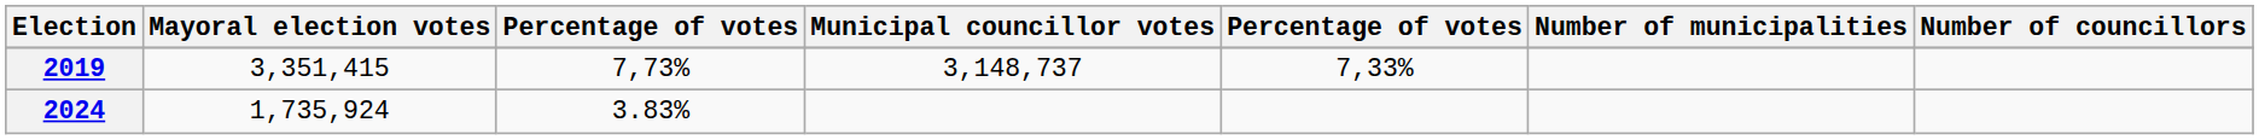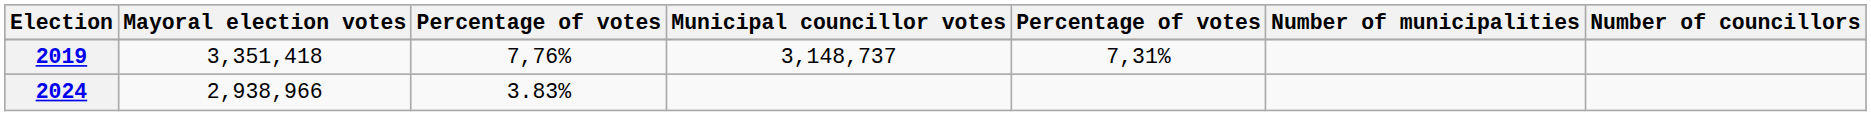 <table class="wikitable" style="text-align: center; border:none">
 <tr>
 <th>Election</th>
 <th>Mayoral election votes</th>
 <th>Percentage of votes</th>
 <th>Municipal councillor votes</th>
 <th>Percentage of votes</th>
 <th>Number of municipalities</th>
 <th>Number of councillors</th>
 </tr>
 <tr>
 </tr>
 <tr>
 <th><strong><a href='#'>2019</a></strong></th>
-<td>3,351,415</td>
-<td>7,73%</td>
+<td>3,351,418</td>
+<td>7,76%</td>
 <td>3,148,737</td>
-<td>7,33%</td>
+<td>7,31%</td>
 <td><strong></strong></td>
 <td><strong></strong></td>
 </tr>
 <tr>
 <th><a href='#'>2024</a></th>
-<td>1,735,924</td>
+<td>2,938,966</td>
 <td>3.83%</td>
 <td></td>
 <td></td>
 <td></td>
 <td></td>
 </tr>
 </table>
